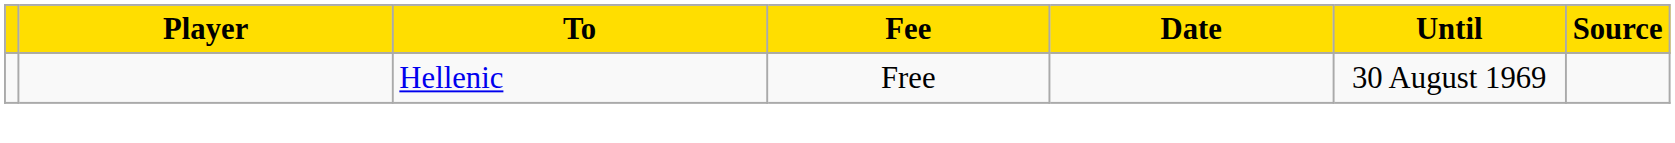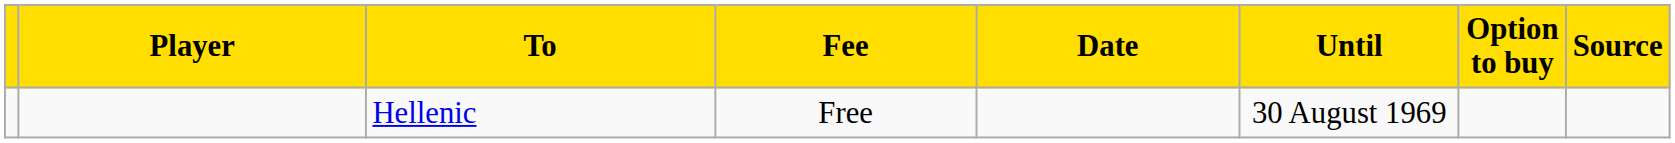 <table class="wikitable sortable">
 <tr>
 <th style="background:#FFDE00"></th>
 <th width=200 style="background:#FFDE00">Player</th>
 <th width=200 style="background:#FFDE00">To</th>
 <th width=150 style="background:#FFDE00">Fee</th>
 <th width=150 style="background:#FFDE00">Date</th>
 <th width=120 style="background:#FFDE00">Until</th>
+<th style="background:#FFDE00">Option to buy</th>
 <th style="background:#FFDE00">Source</th>
 </tr>
 <tr>
 <td align=center></td>
 <td></td>
 <td> <a href='#'>Hellenic</a></td>
 <td align=center>Free</td>
 <td align=center></td>
 <td align=center>30 August 1969</td>
 <td align=center></td>
+<td align=center></td>
 </tr>
 </table>
